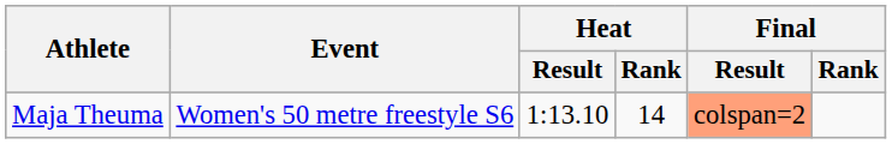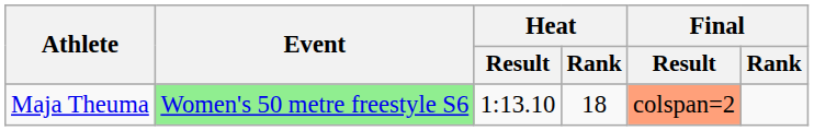 <table class="wikitable" style="text-align: center; font-size:90%">
 <tr>
 <th rowspan="2">Athlete</th>
 <th rowspan="2">Event</th>
 <th colspan="2">Heat</th>
 <th colspan="2">Final</th>
 </tr>
 <tr style="font-size:95%">
 <th>Result</th>
 <th>Rank</th>
 <th>Result</th>
 <th>Rank</th>
 </tr>
 <tr>
 <td align=left><a href='#'>Maja Theuma</a></td>
-<td align=left><a href='#'>Women's 50 metre freestyle S6</a></td>
+<td align=left style="background: lightgreen;"><a href='#'>Women's 50 metre freestyle S6</a></td>
 <td>1:13.10</td>
-<td>14</td>
+<td>18</td>
 <td style="background: lightsalmon;">colspan=2 </td>
 </tr>
 </table>
